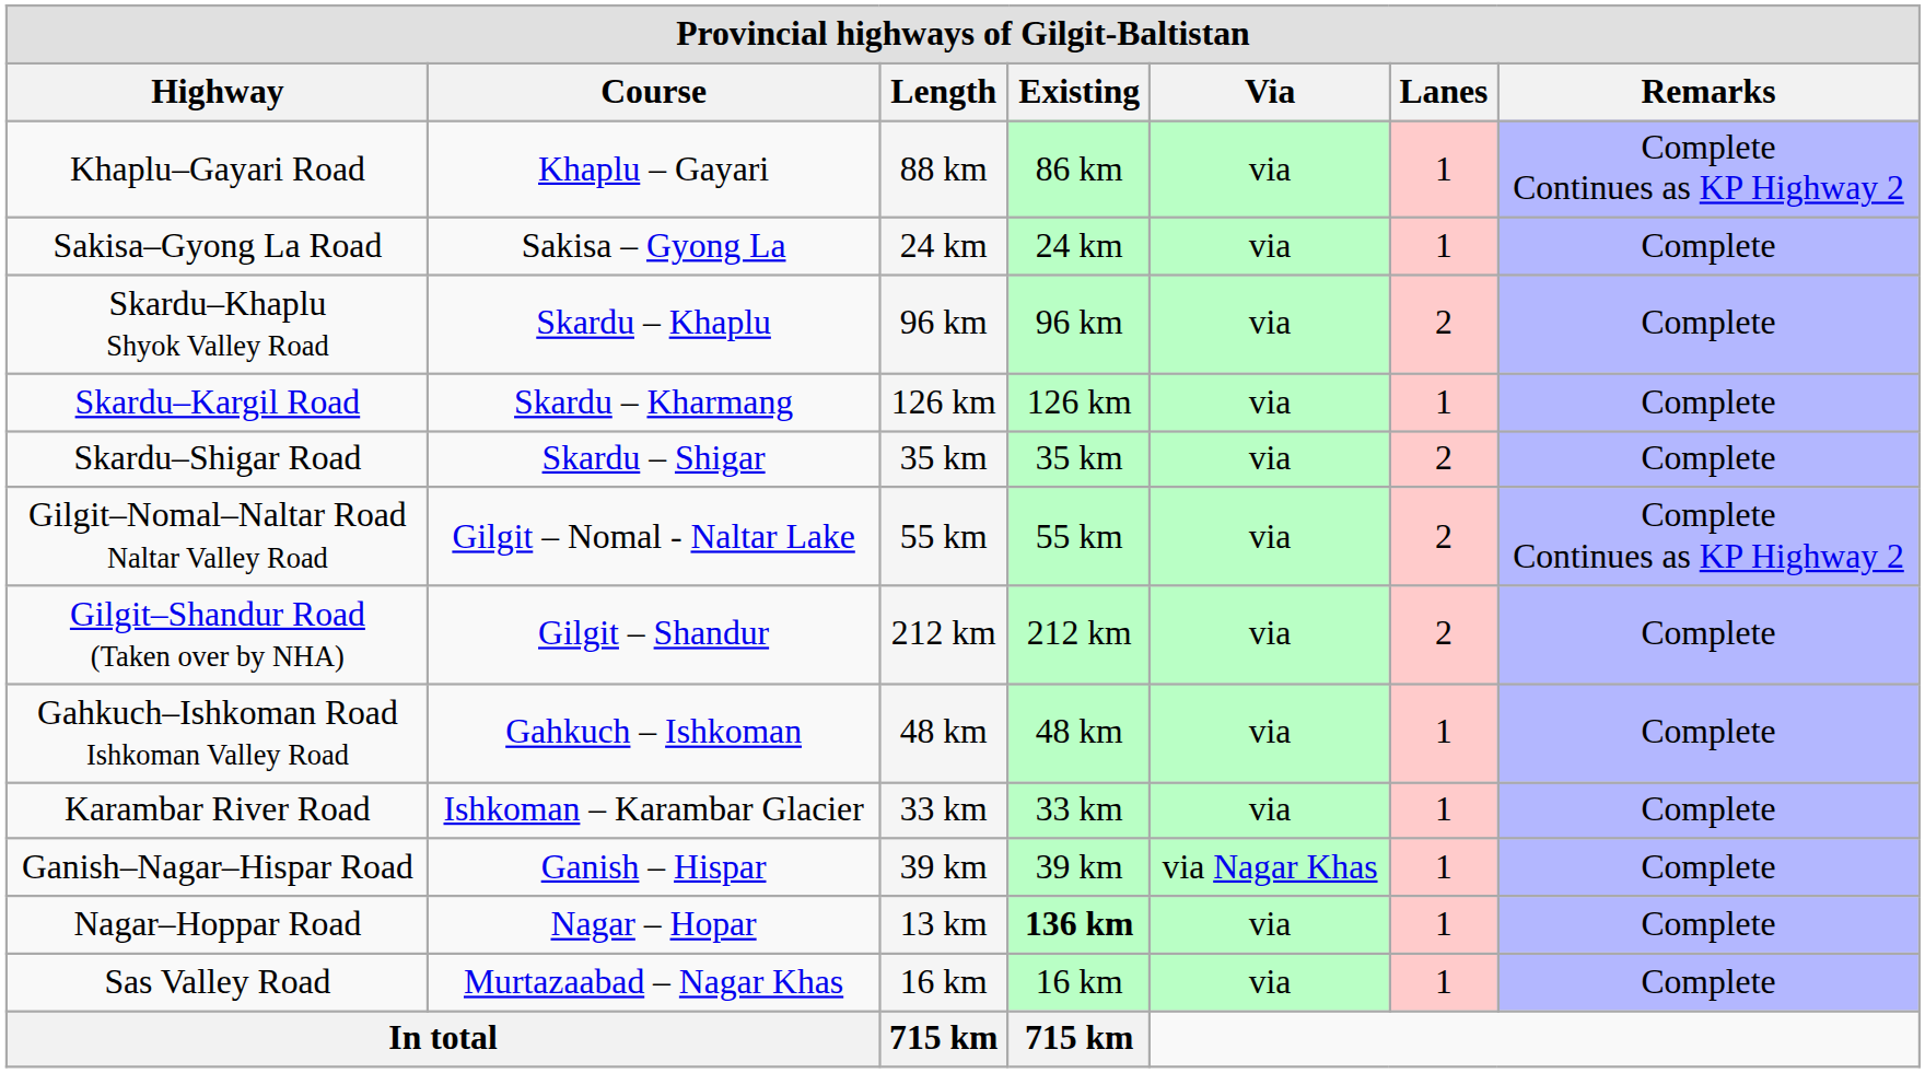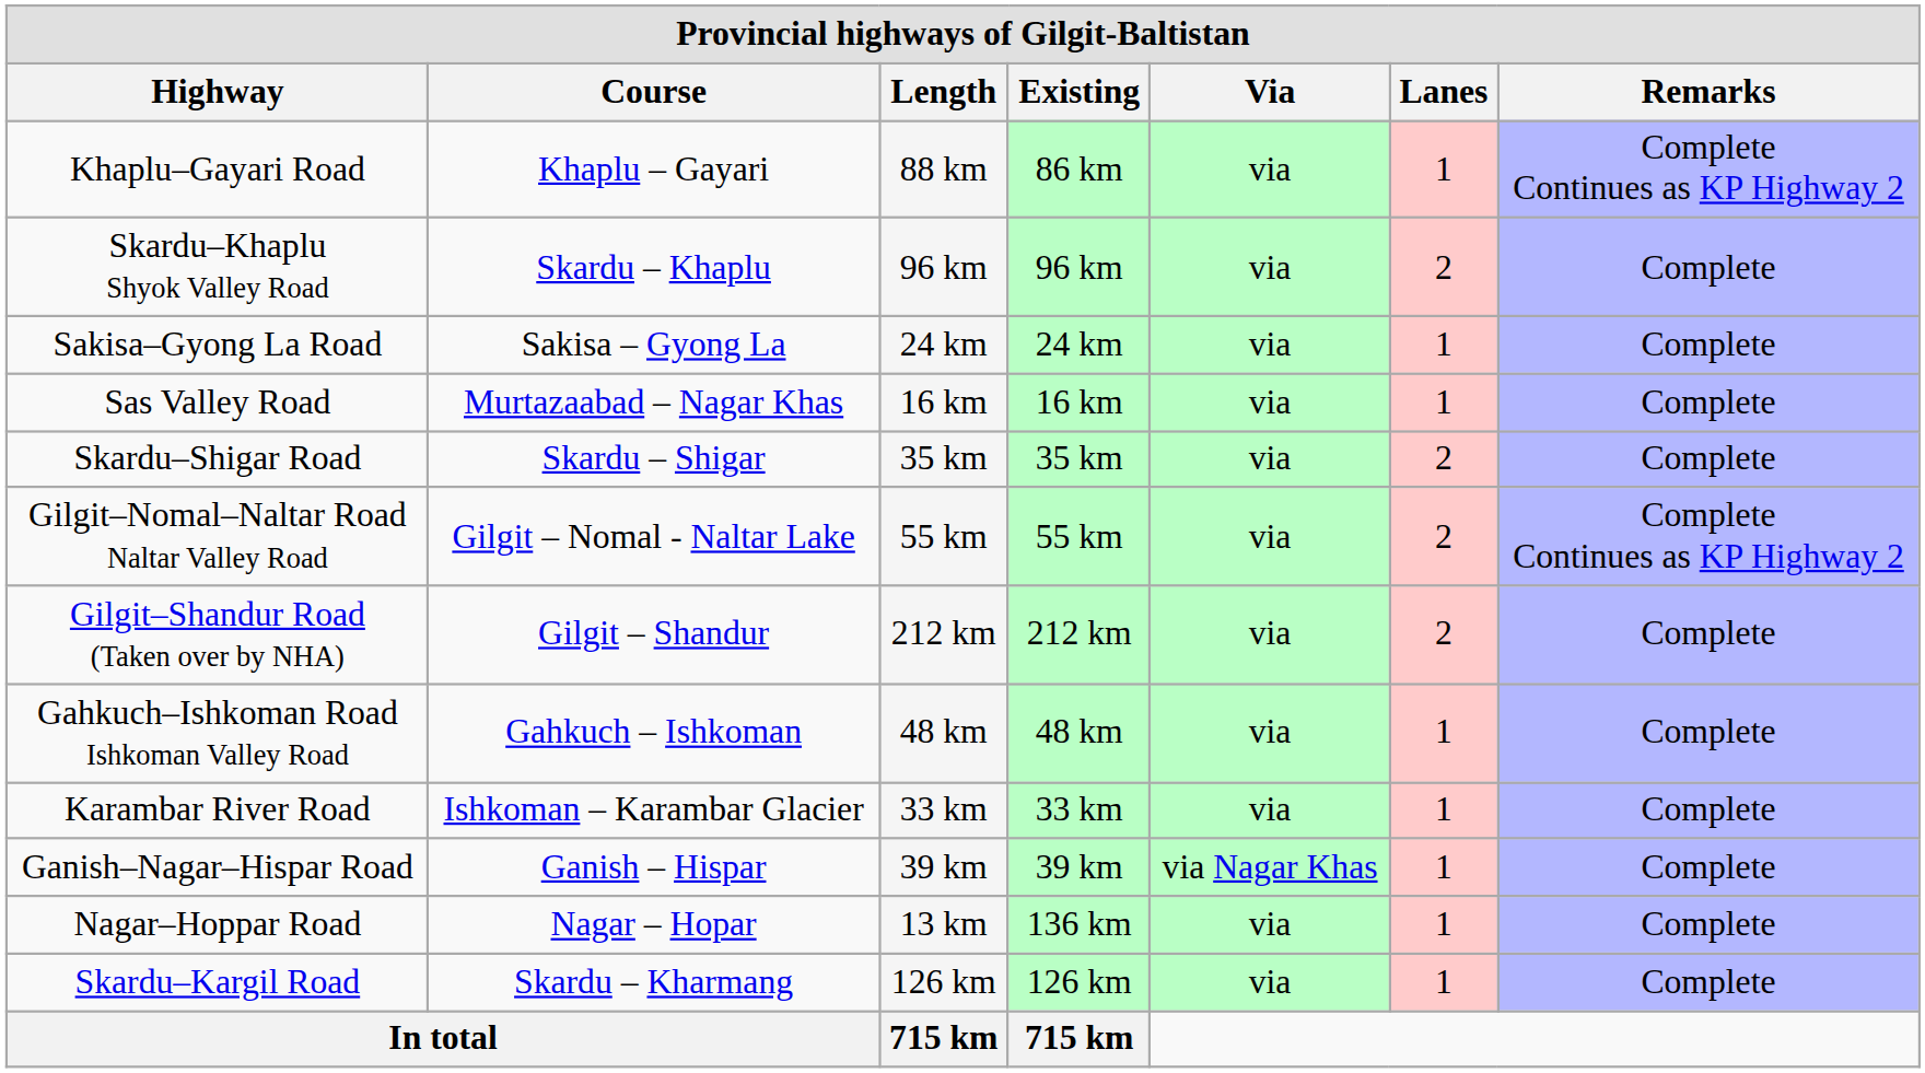 <table class="wikitable" style="margin:auto; font-size:90%; align:center; text-align:center; width:90%">
 <tr>
 <td colspan="7" bgcolor="#E0E0E0"><strong>Provincial highways of Gilgit-Baltistan</strong></td>
 </tr>
 <tr>
 <th>Highway</th>
 <th>Course</th>
 <th>Length</th>
 <th>Existing</th>
 <th>Via</th>
 <th>Lanes</th>
 <th>Remarks</th>
 </tr>
 <tr>
 <td>Khaplu–Gayari Road</td>
 <td><a href='#'>Khaplu</a> – Gayari</td>
 <td bgcolor="#F5F5F5">88 km</td>
 <td bgcolor="#B9FFC5">86 km</td>
 <td bgcolor="#B9FFC5">via</td>
 <td bgcolor="#FFCBCB">1</td>
 <td bgcolor="#B3B7FF">Complete<br>Continues as <a href='#'>KP Highway 2</a></td>
 </tr>
 <tr>
+<td>Skardu–Khaplu<br><small>Shyok Valley Road</small></td>
+<td><a href='#'>Skardu</a> – <a href='#'>Khaplu</a></td>
+<td bgcolor="#F5F5F5">96 km</td>
+<td bgcolor="#B9FFC5">96 km</td>
+<td bgcolor="#B9FFC5">via</td>
+<td bgcolor="#FFCBCB">2</td>
+<td bgcolor="#B3B7FF">Complete</td>
+</tr>
+<tr>
 <td>Sakisa–Gyong La Road</td>
 <td>Sakisa – <a href='#'>Gyong La</a></td>
 <td bgcolor="#F5F5F5">24 km</td>
 <td bgcolor="#B9FFC5">24 km</td>
 <td bgcolor="#B9FFC5">via</td>
 <td bgcolor="#FFCBCB">1</td>
 <td bgcolor="#B3B7FF">Complete</td>
 </tr>
 <tr>
-<td>Skardu–Khaplu<br><small>Shyok Valley Road</small></td>
-<td><a href='#'>Skardu</a> – <a href='#'>Khaplu</a></td>
-<td bgcolor="#F5F5F5">96 km</td>
-<td bgcolor="#B9FFC5">96 km</td>
-<td bgcolor="#B9FFC5">via</td>
-<td bgcolor="#FFCBCB">2</td>
-<td bgcolor="#B3B7FF">Complete</td>
-</tr>
-<tr>
-<td><a href='#'>Skardu–Kargil Road</a></td>
-<td><a href='#'>Skardu</a> – <a href='#'>Kharmang</a></td>
-<td bgcolor="#F5F5F5">126 km</td>
-<td bgcolor="#B9FFC5">126 km</td>
+<td>Sas Valley Road</td>
+<td><a href='#'>Murtazaabad</a> – <a href='#'>Nagar Khas</a></td>
+<td bgcolor="#F5F5F5">16 km</td>
+<td bgcolor="#B9FFC5">16 km</td>
 <td bgcolor="#B9FFC5">via</td>
 <td bgcolor="#FFCBCB">1</td>
 <td bgcolor="#B3B7FF">Complete</td>
 </tr>
 <tr>
 <td>Skardu–Shigar Road</td>
 <td><a href='#'>Skardu</a> – <a href='#'>Shigar</a></td>
 <td bgcolor="#F5F5F5">35 km</td>
 <td bgcolor="#B9FFC5">35 km</td>
 <td bgcolor="#B9FFC5">via</td>
 <td bgcolor="#FFCBCB">2</td>
 <td bgcolor="#B3B7FF">Complete</td>
 </tr>
 <tr>
 <td>Gilgit–Nomal–Naltar Road<br><small>Naltar Valley Road</small></td>
 <td><a href='#'>Gilgit</a> – Nomal - <a href='#'>Naltar Lake</a></td>
 <td bgcolor="#F5F5F5">55 km</td>
 <td bgcolor="#B9FFC5">55 km</td>
 <td bgcolor="#B9FFC5">via</td>
 <td bgcolor="#FFCBCB">2</td>
 <td bgcolor="#B3B7FF">Complete<br>Continues as <a href='#'>KP Highway 2</a></td>
 </tr>
 <tr>
 <td><a href='#'>Gilgit–Shandur Road</a><br><small>(Taken over by NHA)</small></td>
 <td><a href='#'>Gilgit</a> – <a href='#'>Shandur</a></td>
 <td bgcolor="#F5F5F5">212 km</td>
 <td bgcolor="#B9FFC5">212 km</td>
 <td bgcolor="#B9FFC5">via</td>
 <td bgcolor="#FFCBCB">2</td>
 <td bgcolor="#B3B7FF">Complete</td>
 </tr>
 <tr>
 <td>Gahkuch–Ishkoman Road<br><small>Ishkoman Valley Road</small></td>
 <td><a href='#'>Gahkuch</a> – <a href='#'>Ishkoman</a></td>
 <td bgcolor="#F5F5F5">48 km</td>
 <td bgcolor="#B9FFC5">48 km</td>
 <td bgcolor="#B9FFC5">via</td>
 <td bgcolor="#FFCBCB">1</td>
 <td bgcolor="#B3B7FF">Complete</td>
 </tr>
 <tr>
 <td>Karambar River Road</td>
 <td><a href='#'>Ishkoman</a> – Karambar Glacier</td>
 <td bgcolor="#F5F5F5">33 km</td>
 <td bgcolor="#B9FFC5">33 km</td>
 <td bgcolor="#B9FFC5">via</td>
 <td bgcolor="#FFCBCB">1</td>
 <td bgcolor="#B3B7FF">Complete</td>
 </tr>
 <tr>
 <td>Ganish–Nagar–Hispar Road</td>
 <td><a href='#'>Ganish</a> – <a href='#'>Hispar</a></td>
 <td bgcolor="#F5F5F5">39 km</td>
 <td bgcolor="#B9FFC5">39 km</td>
 <td bgcolor="#B9FFC5">via <a href='#'>Nagar Khas</a></td>
 <td bgcolor="#FFCBCB">1</td>
 <td bgcolor="#B3B7FF">Complete</td>
 </tr>
 <tr>
 <td>Nagar–Hoppar Road</td>
 <td><a href='#'>Nagar</a> – <a href='#'>Hopar</a></td>
 <td bgcolor="#F5F5F5">13 km</td>
-<td bgcolor="#B9FFC5"><strong>136 km</strong></td>
+<td bgcolor="#B9FFC5">136 km</td>
 <td bgcolor="#B9FFC5">via</td>
 <td bgcolor="#FFCBCB">1</td>
 <td bgcolor="#B3B7FF">Complete</td>
 </tr>
 <tr>
-<td>Sas Valley Road</td>
-<td><a href='#'>Murtazaabad</a> – <a href='#'>Nagar Khas</a></td>
-<td bgcolor="#F5F5F5">16 km</td>
-<td bgcolor="#B9FFC5">16 km</td>
+<td><a href='#'>Skardu–Kargil Road</a></td>
+<td><a href='#'>Skardu</a> – <a href='#'>Kharmang</a></td>
+<td bgcolor="#F5F5F5">126 km</td>
+<td bgcolor="#B9FFC5">126 km</td>
 <td bgcolor="#B9FFC5">via</td>
 <td bgcolor="#FFCBCB">1</td>
 <td bgcolor="#B3B7FF">Complete</td>
 </tr>
 <tr>
 <th colspan="2">In total</th>
 <th><strong>715 km</strong></th>
 <th><strong>715 km</strong></th>
 <td colspan="3"></td>
 </tr>
 </table>
